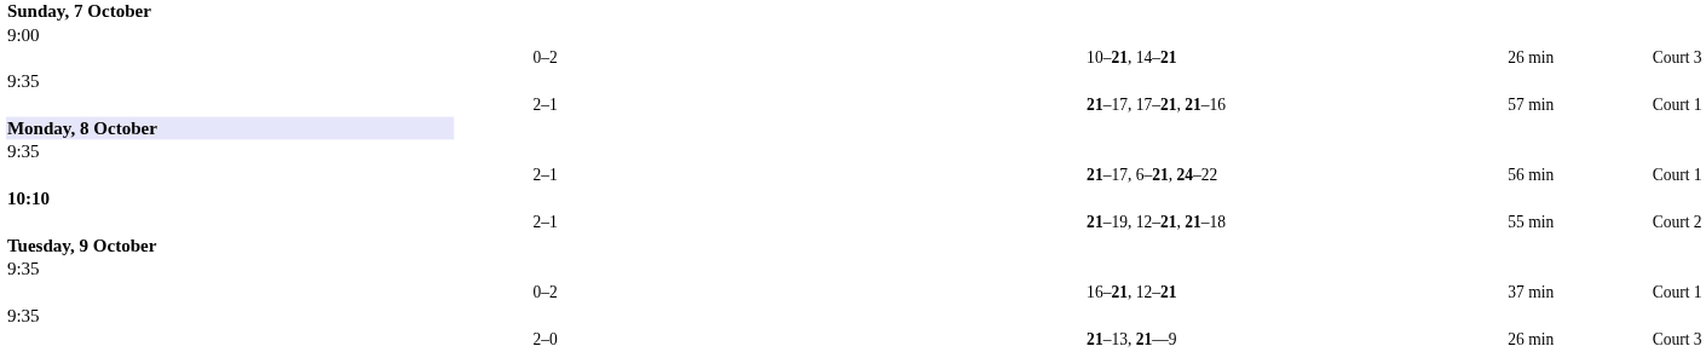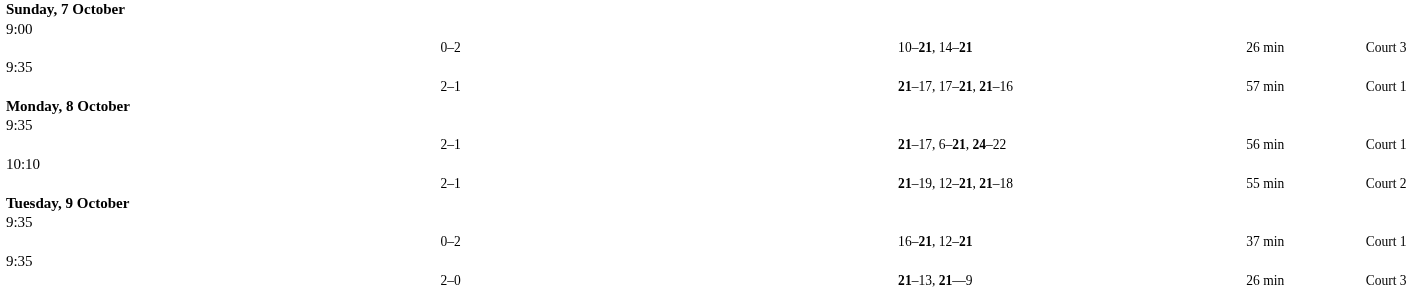 <table style="width:100%;" cellspacing="1">
 <tr>
 <th width=25%></th>
 <th width=10%></th>
 <th width=25%></th>
 </tr>
 <tr>
 <td><strong>Sunday, 7 October</strong></td>
 </tr>
 <tr>
 <td>9:00</td>
 </tr>
 <tr style=font-size:90%>
 <td align=right></td>
 <td align=center>0–2</td>
 <td><strong></strong></td>
 <td>10–<strong>21</strong>, 14–<strong>21</strong></td>
 <td>26 min</td>
 <td>Court 3</td>
 </tr>
 <tr>
 <td>9:35</td>
 </tr>
 <tr style=font-size:90%>
 <td align=right><strong></strong></td>
 <td align=center>2–1</td>
 <td></td>
 <td><strong>21</strong>–17, 17–<strong>21</strong>, <strong>21</strong>–16</td>
 <td>57 min</td>
 <td>Court 1</td>
 </tr>
 <tr>
-<td style="background: lavender;"><strong>Monday, 8 October</strong></td>
+<td><strong>Monday, 8 October</strong></td>
 </tr>
 <tr>
 <td>9:35</td>
 </tr>
 <tr style=font-size:90%>
 <td align=right><strong></strong></td>
 <td align=center>2–1</td>
 <td></td>
 <td><strong>21</strong>–17, 6–<strong>21</strong>, <strong>24</strong>–22</td>
 <td>56 min</td>
 <td>Court 1</td>
 </tr>
 <tr>
-<td><strong>10:10</strong></td>
+<td>10:10</td>
 </tr>
 <tr style=font-size:90%>
 <td align=right><strong></strong></td>
 <td align=center>2–1</td>
 <td></td>
 <td><strong>21</strong>–19, 12–<strong>21</strong>, <strong>21</strong>–18</td>
 <td>55 min</td>
 <td>Court 2</td>
 </tr>
 <tr>
 <td><strong>Tuesday, 9 October</strong></td>
 </tr>
 <tr>
 <td>9:35</td>
 </tr>
 <tr style=font-size:90%>
 <td align=right></td>
 <td align=center>0–2</td>
 <td><strong></strong></td>
 <td>16–<strong>21</strong>, 12–<strong>21</strong></td>
 <td>37 min</td>
 <td>Court 1</td>
 </tr>
 <tr>
 <td>9:35</td>
 </tr>
 <tr style=font-size:90%>
 <td align=right><strong></strong></td>
 <td align=center>2–0</td>
 <td></td>
 <td><strong>21</strong>–13, <strong>21</strong>—9</td>
 <td>26 min</td>
 <td>Court 3</td>
 </tr>
 </table>
